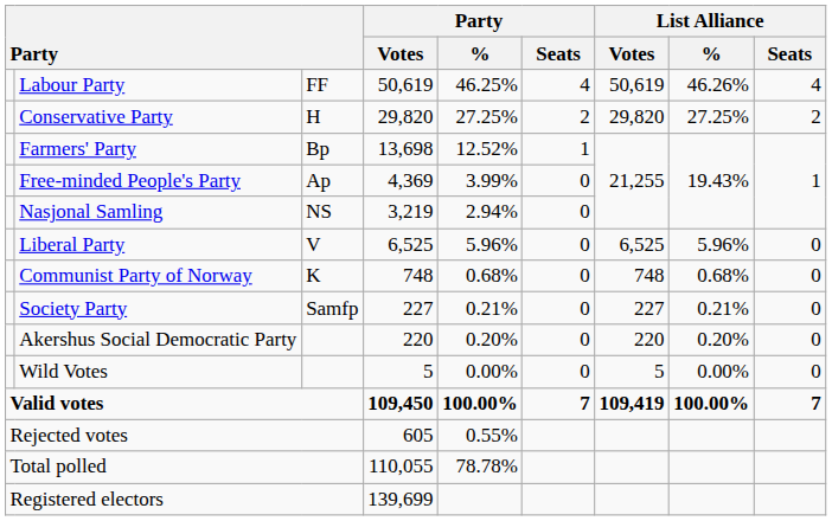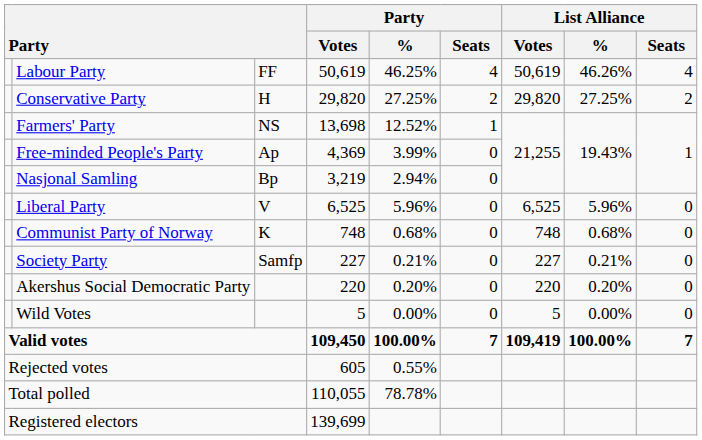 <table class="wikitable" border="1" style="text-align:right;">
 <tr>
 <th style="text-align:left;" valign=bottom rowspan=2 colspan=3>Party</th>
 <th colspan=3>Party</th>
 <th colspan=3>List Alliance</th>
 </tr>
 <tr>
 <th align=center valign=bottom width="50">Votes</th>
 <th align=center valign=bottom width="50">%</th>
 <th align=center valign=bottom width="50">Seats</th>
 <th align=center valign=bottom width="50">Votes</th>
 <th align=center valign=bottom width="50">%</th>
 <th align=center valign=bottom width="50">Seats</th>
 </tr>
 <tr>
 <td style="color:inherit;background:"></td>
 <td align=left><a href='#'>Labour Party</a></td>
 <td align=left>FF</td>
 <td>50,619</td>
 <td>46.25%</td>
 <td>4</td>
 <td>50,619</td>
 <td>46.26%</td>
 <td>4</td>
 </tr>
 <tr>
 <td style="color:inherit;background:"></td>
 <td align=left><a href='#'>Conservative Party</a></td>
 <td align=left>H</td>
 <td>29,820</td>
 <td>27.25%</td>
 <td>2</td>
 <td>29,820</td>
 <td>27.25%</td>
 <td>2</td>
 </tr>
 <tr>
 <td style="color:inherit;background:"></td>
 <td align=left><a href='#'>Farmers' Party</a></td>
-<td align=left>Bp</td>
+<td align=left>NS</td>
 <td>13,698</td>
 <td>12.52%</td>
 <td>1</td>
 <td rowspan=3>21,255</td>
 <td rowspan=3>19.43%</td>
 <td rowspan=3>1</td>
 </tr>
 <tr>
 <td style="color:inherit;background:"></td>
 <td align=left><a href='#'>Free-minded People's Party</a></td>
 <td align=left>Ap</td>
 <td>4,369</td>
 <td>3.99%</td>
 <td>0</td>
 </tr>
 <tr>
 <td style="color:inherit;background:"></td>
 <td align=left><a href='#'>Nasjonal Samling</a></td>
-<td align=left>NS</td>
+<td align=left>Bp</td>
 <td>3,219</td>
 <td>2.94%</td>
 <td>0</td>
 </tr>
 <tr>
 <td style="color:inherit;background:"></td>
 <td align=left><a href='#'>Liberal Party</a></td>
 <td align=left>V</td>
 <td>6,525</td>
 <td>5.96%</td>
 <td>0</td>
 <td>6,525</td>
 <td>5.96%</td>
 <td>0</td>
 </tr>
 <tr>
 <td style="color:inherit;background:"></td>
 <td align=left><a href='#'>Communist Party of Norway</a></td>
 <td align=left>K</td>
 <td>748</td>
 <td>0.68%</td>
 <td>0</td>
 <td>748</td>
 <td>0.68%</td>
 <td>0</td>
 </tr>
 <tr>
 <td></td>
 <td align=left><a href='#'>Society Party</a></td>
 <td align=left>Samfp</td>
 <td>227</td>
 <td>0.21%</td>
 <td>0</td>
 <td>227</td>
 <td>0.21%</td>
 <td>0</td>
 </tr>
 <tr>
 <td></td>
 <td align=left>Akershus Social Democratic Party</td>
 <td align=left></td>
 <td>220</td>
 <td>0.20%</td>
 <td>0</td>
 <td>220</td>
 <td>0.20%</td>
 <td>0</td>
 </tr>
 <tr>
 <td></td>
 <td align=left>Wild Votes</td>
 <td align=left></td>
 <td>5</td>
 <td>0.00%</td>
 <td>0</td>
 <td>5</td>
 <td>0.00%</td>
 <td>0</td>
 </tr>
 <tr style="font-weight:bold">
 <td align=left colspan=3>Valid votes</td>
 <td>109,450</td>
 <td>100.00%</td>
 <td>7</td>
 <td>109,419</td>
 <td>100.00%</td>
 <td>7</td>
 </tr>
 <tr>
 <td align=left colspan=3>Rejected votes</td>
 <td>605</td>
 <td>0.55%</td>
 <td></td>
 <td></td>
 <td></td>
 <td></td>
 </tr>
 <tr>
 <td align=left colspan=3>Total polled</td>
 <td>110,055</td>
 <td>78.78%</td>
 <td></td>
 <td></td>
 <td></td>
 <td></td>
 </tr>
 <tr>
 <td align=left colspan=3>Registered electors</td>
 <td>139,699</td>
 <td></td>
 <td></td>
 <td></td>
 <td></td>
 <td></td>
 </tr>
 </table>
